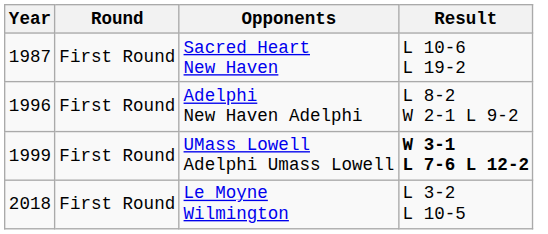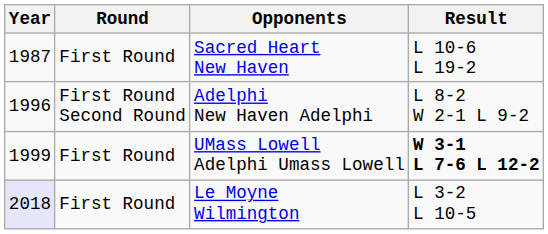 <table class="wikitable sortable">
 <tr>
 <th>Year</th>
 <th>Round</th>
 <th>Opponents</th>
 <th>Result</th>
 </tr>
 <tr>
 <td>1987</td>
 <td>First Round</td>
 <td><a href='#'>Sacred Heart</a><br><a href='#'>New Haven</a></td>
 <td>L 10-6<br>L 19-2</td>
 </tr>
 <tr>
 <td>1996</td>
-<td>First Round</td>
+<td>First Round<br>Second Round</td>
 <td><a href='#'>Adelphi</a><br>New Haven Adelphi</td>
 <td>L 8-2<br>W 2-1 L 9-2</td>
 </tr>
 <tr>
 <td>1999</td>
 <td>First Round</td>
 <td><a href='#'>UMass Lowell</a><br>Adelphi Umass Lowell</td>
 <td><strong>W 3-1<br>L 7-6 L 12-2</strong></td>
 </tr>
 <tr>
-<td>2018</td>
+<td style="background: lavender;">2018</td>
 <td>First Round</td>
 <td><a href='#'>Le Moyne</a><br><a href='#'>Wilmington</a></td>
 <td>L 3-2<br>L 10-5</td>
 </tr>
 </table>
